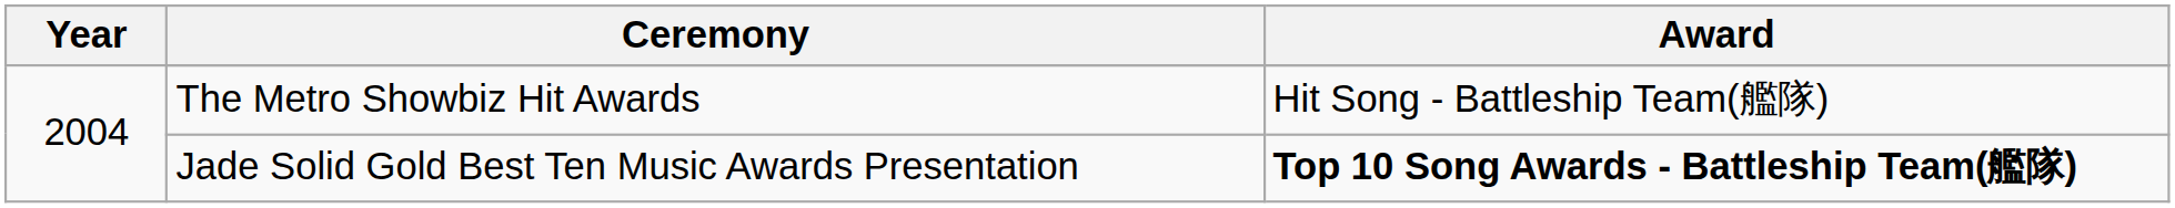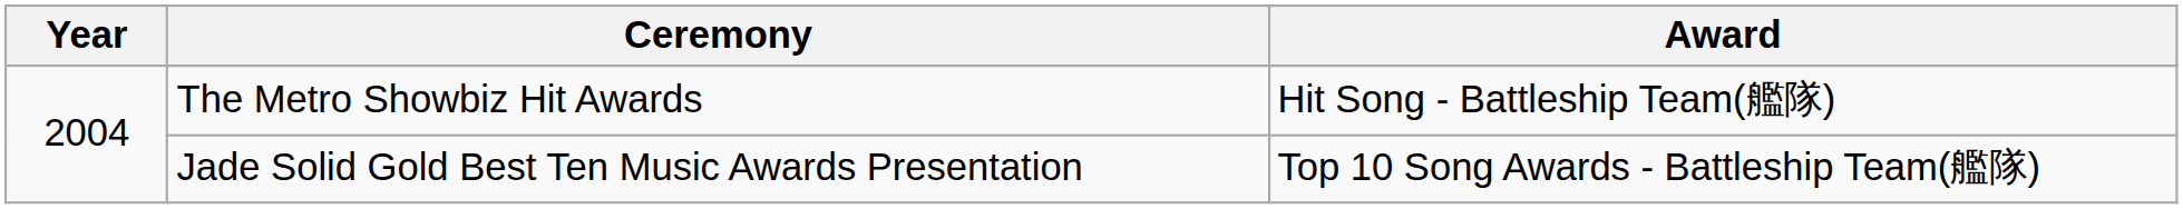 <table class="wikitable">
 <tr>
 <th width="60">Year</th>
 <th width="450">Ceremony</th>
 <th width="370">Award</th>
 </tr>
 <tr>
 <td rowspan = "3" align="center">2004</td>
 </tr>
 <tr>
 <td>The Metro Showbiz Hit Awards</td>
 <td>Hit Song - Battleship Team(艦隊)</td>
 </tr>
 <tr>
 <td>Jade Solid Gold Best Ten Music Awards Presentation</td>
-<td><strong>Top 10 Song Awards - Battleship Team(艦隊)</strong></td>
+<td>Top 10 Song Awards - Battleship Team(艦隊)</td>
 </tr>
 </table>
